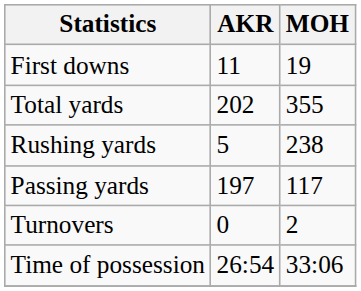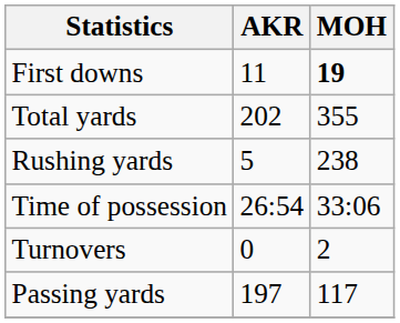 <table class="wikitable">
 <tr>
 <th>Statistics</th>
 <th>AKR</th>
 <th>MOH</th>
 </tr>
 <tr>
 <td>First downs</td>
 <td>11</td>
-<td>19</td>
+<td><strong>19</strong></td>
 </tr>
 <tr>
 <td>Total yards</td>
 <td>202</td>
 <td>355</td>
 </tr>
 <tr>
 <td>Rushing yards</td>
 <td>5</td>
 <td>238</td>
 </tr>
 <tr>
-<td>Passing yards</td>
-<td>197</td>
-<td>117</td>
+<td>Time of possession</td>
+<td>26:54</td>
+<td>33:06</td>
 </tr>
 <tr>
 <td>Turnovers</td>
 <td>0</td>
 <td>2</td>
 </tr>
 <tr>
-<td>Time of possession</td>
-<td>26:54</td>
-<td>33:06</td>
+<td>Passing yards</td>
+<td>197</td>
+<td>117</td>
 </tr>
 <tr>
 </tr>
 </table>
